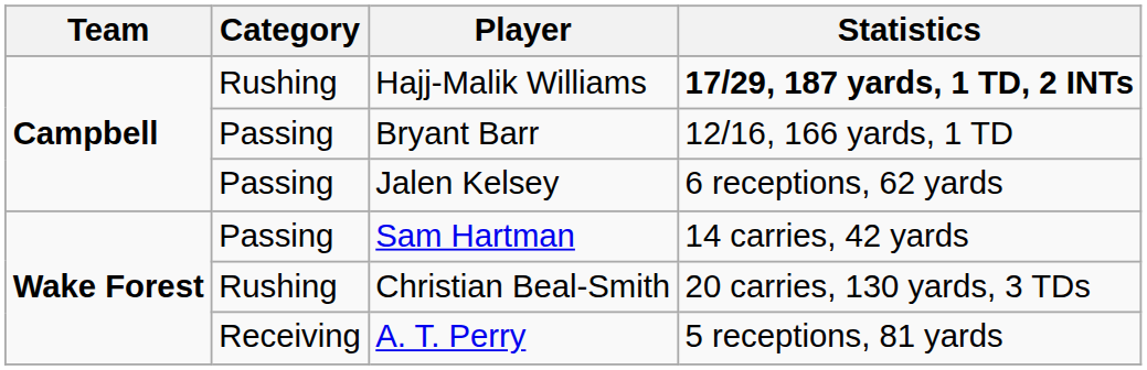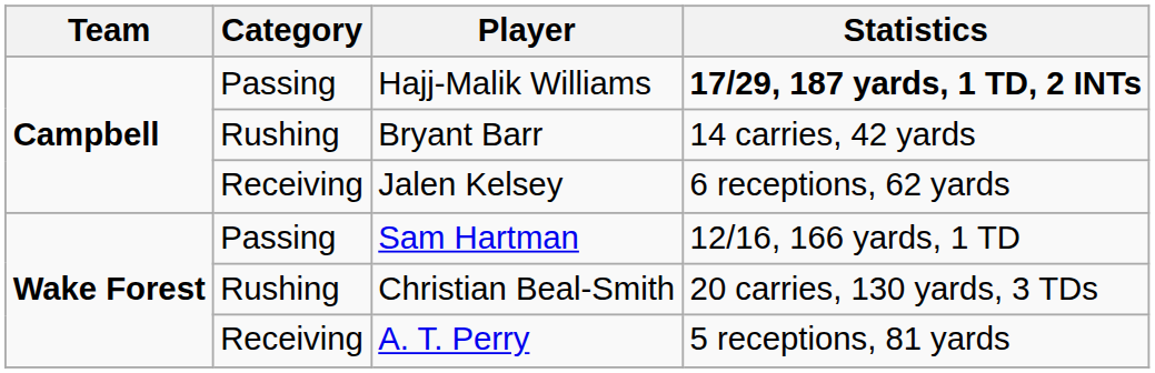 <table class="wikitable" style="float: left;">
 <tr>
 <th>Team</th>
 <th>Category</th>
 <th>Player</th>
 <th>Statistics</th>
 </tr>
 <tr>
 <td rowspan=3><strong>Campbell</strong></td>
-<td>Rushing</td>
+<td>Passing</td>
 <td>Hajj-Malik Williams</td>
 <td><strong>17/29, 187 yards, 1 TD, 2 INTs</strong></td>
 </tr>
 <tr>
-<td>Passing</td>
+<td>Rushing</td>
 <td>Bryant Barr</td>
-<td>12/16, 166 yards, 1 TD</td>
+<td>14 carries, 42 yards</td>
 </tr>
 <tr>
-<td>Passing</td>
+<td>Receiving</td>
 <td>Jalen Kelsey</td>
 <td>6 receptions, 62 yards</td>
 </tr>
 <tr>
 <td rowspan=3><strong>Wake Forest</strong></td>
 <td>Passing</td>
 <td><a href='#'>Sam Hartman</a></td>
-<td>14 carries, 42 yards</td>
+<td>12/16, 166 yards, 1 TD</td>
 </tr>
 <tr>
 <td>Rushing</td>
 <td>Christian Beal-Smith</td>
 <td>20 carries, 130 yards, 3 TDs</td>
 </tr>
 <tr>
 <td>Receiving</td>
 <td><a href='#'>A. T. Perry</a></td>
 <td>5 receptions, 81 yards</td>
 </tr>
 </table>
